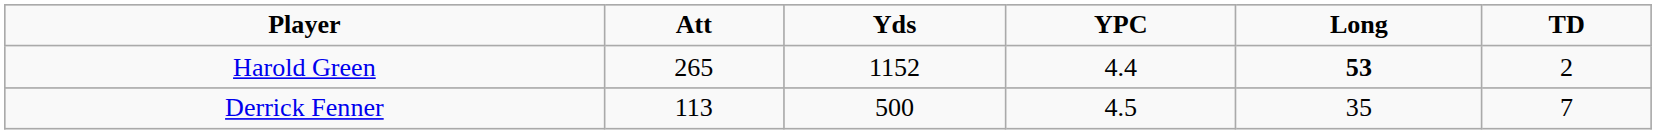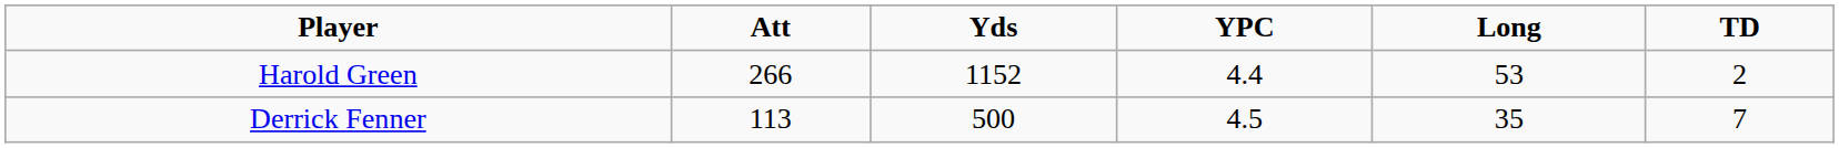 <table class="wikitable" width="80%">
 <tr align="center">
 <td><strong>Player</strong></td>
 <td><strong>Att</strong></td>
 <td><strong>Yds</strong></td>
 <td><strong>YPC</strong></td>
 <td><strong>Long</strong></td>
 <td><strong>TD</strong></td>
 </tr>
 <tr align="center" bgcolor="">
 <td><a href='#'>Harold Green</a></td>
-<td>265</td>
+<td>266</td>
 <td>1152</td>
 <td>4.4</td>
-<td><strong>53</strong></td>
+<td>53</td>
 <td>2</td>
 </tr>
 <tr align="center" bgcolor="">
 <td><a href='#'>Derrick Fenner</a></td>
 <td>113</td>
 <td>500</td>
 <td>4.5</td>
 <td>35</td>
 <td>7</td>
 </tr>
 </table>
